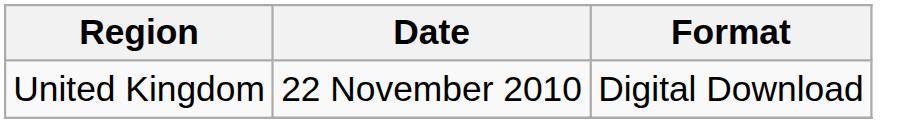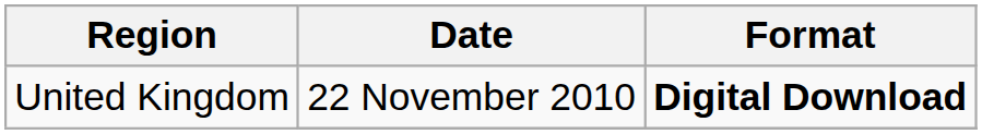 <table class="wikitable" border="1">
 <tr>
 <th>Region</th>
 <th>Date</th>
 <th>Format</th>
 </tr>
 <tr>
 <td rowspan=2>United Kingdom</td>
 <td>22 November 2010</td>
-<td>Digital Download</td>
+<td><strong>Digital Download</strong></td>
 </tr>
 <tr>
 </tr>
 </table>
